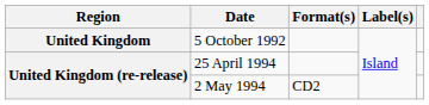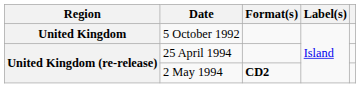 <table class="wikitable plainrowheaders">
 <tr>
 <th scope="col">Region</th>
 <th scope="col">Date</th>
 <th scope="col">Format(s)</th>
 <th scope="col">Label(s)</th>
 <th scope="col"></th>
 </tr>
 <tr>
 <th scope="row">United Kingdom</th>
 <td>5 October 1992</td>
 <td></td>
 <td rowspan="3"><a href='#'>Island</a></td>
 <td></td>
 </tr>
 <tr>
 <th scope="row" rowspan="2">United Kingdom (re-release)</th>
 <td>25 April 1994</td>
 <td></td>
 <td></td>
 </tr>
 <tr>
 <td>2 May 1994</td>
-<td>CD2</td>
+<td><strong>CD2</strong></td>
 <td></td>
 </tr>
 </table>
